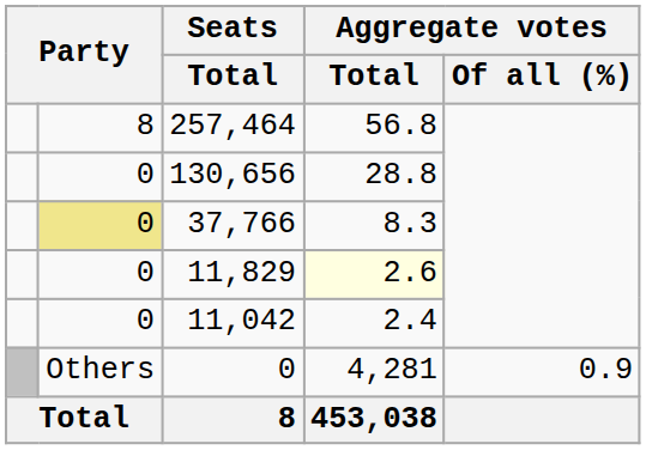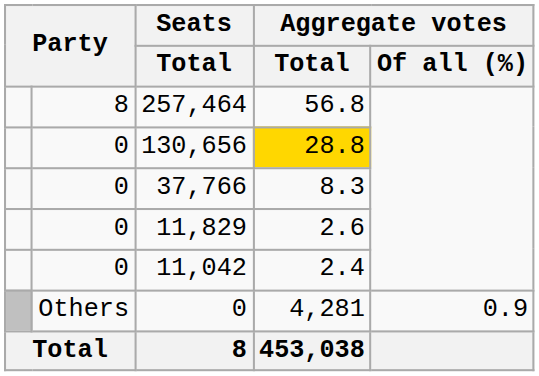 <table class="wikitable" style="text-align:right; font-size:95%;">
 <tr>
 <th colspan="2" rowspan="2">Party</th>
 <th>Seats</th>
 <th colspan="2">Aggregate votes</th>
 </tr>
 <tr>
 <th>Total</th>
 <th>Total</th>
 <th>Of all (%)</th>
 </tr>
 <tr>
 <td></td>
 <td>8</td>
 <td>257,464</td>
 <td>56.8</td>
 </tr>
 <tr>
 <td></td>
 <td>0</td>
 <td>130,656</td>
-<td>28.8</td>
+<td style="background: gold;">28.8</td>
 </tr>
 <tr>
 <td></td>
-<td style="background: khaki;">0</td>
+<td>0</td>
 <td>37,766</td>
 <td>8.3</td>
 </tr>
 <tr>
 <td></td>
 <td>0</td>
 <td>11,829</td>
-<td style="background: lightyellow;">2.6</td>
+<td>2.6</td>
 </tr>
 <tr>
 <td></td>
 <td>0</td>
 <td>11,042</td>
 <td>2.4</td>
 </tr>
 <tr>
 <td style="background:silver;"> </td>
 <td align=left>Others</td>
 <td>0</td>
 <td>4,281</td>
 <td>0.9</td>
 </tr>
 <tr>
 <th colspan="2" style="background:#f2f2f2"><strong>Total</strong></th>
 <td style="background:#f2f2f2;"><strong>8</strong></td>
 <td style="background:#f2f2f2;"><strong>453,038</strong></td>
 <td style="background:#f2f2f2;"></td>
 </tr>
 </table>
